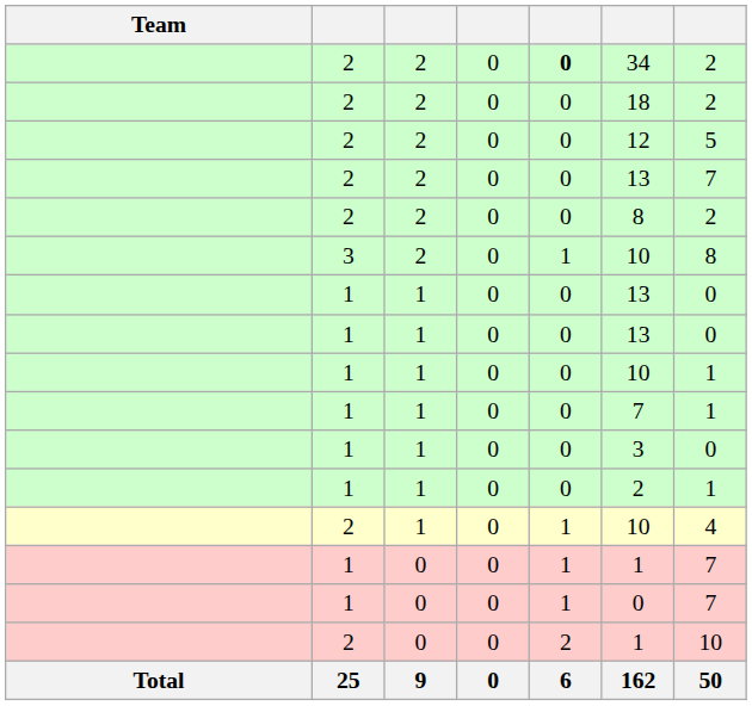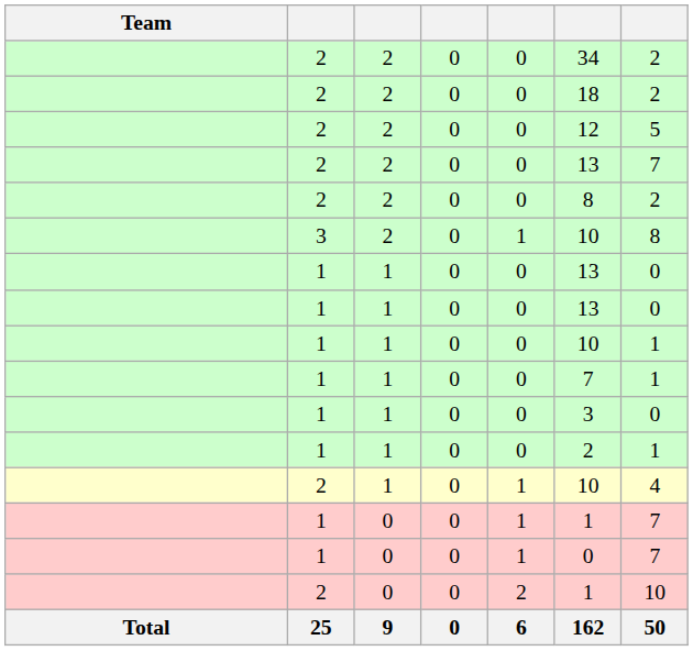 <table class="wikitable" style="font-size:95%; text-align:center">
 <tr>
 <th width=192>Team</th>
 <th width=40></th>
 <th width=40></th>
 <th width=40></th>
 <th width=40></th>
 <th width=40></th>
 <th width=40></th>
 </tr>
 <tr style="background:#ccffcc;">
 <td style="text-align:left;"></td>
 <td>2</td>
 <td>2</td>
 <td>0</td>
-<td><strong>0</strong></td>
+<td>0</td>
 <td>34</td>
 <td>2</td>
 </tr>
 <tr style="background:#ccffcc;">
 <td style="text-align:left;"></td>
 <td>2</td>
 <td>2</td>
 <td>0</td>
 <td>0</td>
 <td>18</td>
 <td>2</td>
 </tr>
 <tr style="background:#ccffcc;">
 <td style="text-align:left;"></td>
 <td>2</td>
 <td>2</td>
 <td>0</td>
 <td>0</td>
 <td>12</td>
 <td>5</td>
 </tr>
 <tr style="background:#ccffcc;">
 <td style="text-align:left;"></td>
 <td>2</td>
 <td>2</td>
 <td>0</td>
 <td>0</td>
 <td>13</td>
 <td>7</td>
 </tr>
 <tr style="background:#ccffcc;">
 <td style="text-align:left;"></td>
 <td>2</td>
 <td>2</td>
 <td>0</td>
 <td>0</td>
 <td>8</td>
 <td>2</td>
 </tr>
 <tr style="background:#ccffcc;">
 <td style="text-align:left;"></td>
 <td>3</td>
 <td>2</td>
 <td>0</td>
 <td>1</td>
 <td>10</td>
 <td>8</td>
 </tr>
 <tr style="background:#ccffcc;">
 <td style="text-align:left;"></td>
 <td>1</td>
 <td>1</td>
 <td>0</td>
 <td>0</td>
 <td>13</td>
 <td>0</td>
 </tr>
 <tr style="background:#ccffcc;">
 <td style="text-align:left;"></td>
 <td>1</td>
 <td>1</td>
 <td>0</td>
 <td>0</td>
 <td>13</td>
 <td>0</td>
 </tr>
 <tr style="background:#ccffcc;">
 <td style="text-align:left;"></td>
 <td>1</td>
 <td>1</td>
 <td>0</td>
 <td>0</td>
 <td>10</td>
 <td>1</td>
 </tr>
 <tr style="background:#ccffcc;">
 <td style="text-align:left;"></td>
 <td>1</td>
 <td>1</td>
 <td>0</td>
 <td>0</td>
 <td>7</td>
 <td>1</td>
 </tr>
 <tr style="background:#ccffcc;">
 <td style="text-align:left;"></td>
 <td>1</td>
 <td>1</td>
 <td>0</td>
 <td>0</td>
 <td>3</td>
 <td>0</td>
 </tr>
 <tr style="background:#ccffcc;">
 <td style="text-align:left;"></td>
 <td>1</td>
 <td>1</td>
 <td>0</td>
 <td>0</td>
 <td>2</td>
 <td>1</td>
 </tr>
 <tr style="background:#ffffcc;">
 <td style="text-align:left;"></td>
 <td>2</td>
 <td>1</td>
 <td>0</td>
 <td>1</td>
 <td>10</td>
 <td>4</td>
 </tr>
 <tr style="background:#ffcccc;">
 <td style="text-align:left;"></td>
 <td>1</td>
 <td>0</td>
 <td>0</td>
 <td>1</td>
 <td>1</td>
 <td>7</td>
 </tr>
 <tr style="background:#ffcccc;">
 <td style="text-align:left;"></td>
 <td>1</td>
 <td>0</td>
 <td>0</td>
 <td>1</td>
 <td>0</td>
 <td>7</td>
 </tr>
 <tr style="background:#ffcccc;">
 <td style="text-align:left;"></td>
 <td>2</td>
 <td>0</td>
 <td>0</td>
 <td>2</td>
 <td>1</td>
 <td>10</td>
 </tr>
 <tr>
 <th>Total</th>
 <th>25</th>
 <th>9</th>
 <th>0</th>
 <th>6</th>
 <th>162</th>
 <th>50</th>
 </tr>
 </table>
